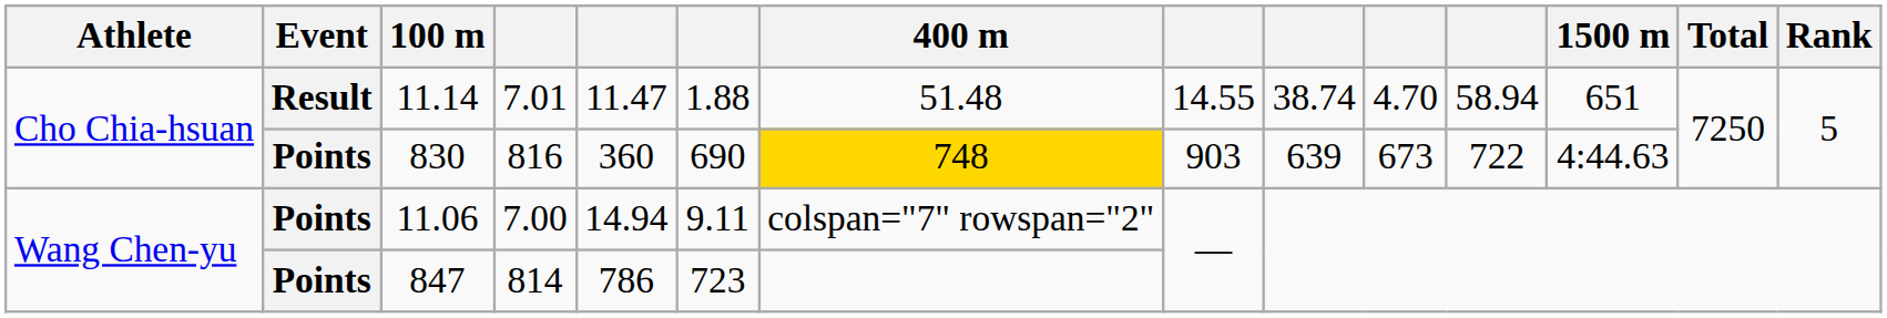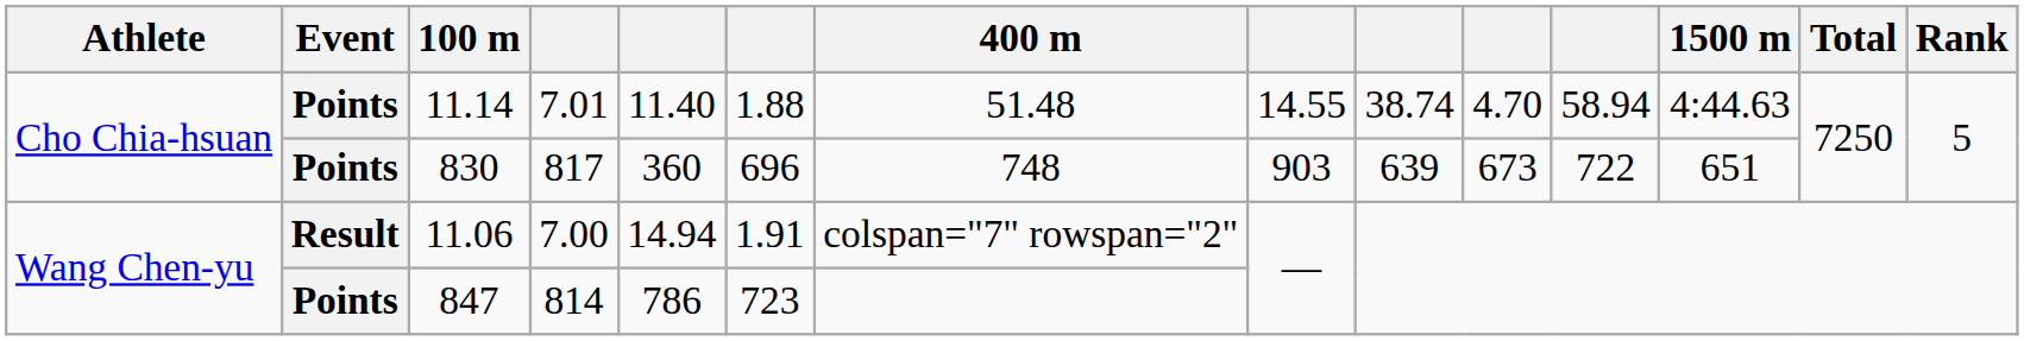 <table class="wikitable" style="font-size:90%; text-align:center">
 <tr>
 <th>Athlete</th>
 <th>Event</th>
 <th>100 m</th>
 <th></th>
 <th></th>
 <th></th>
 <th>400 m</th>
 <th></th>
 <th></th>
 <th></th>
 <th></th>
 <th>1500 m</th>
 <th>Total</th>
 <th>Rank</th>
 </tr>
 <tr>
 <td align="left" rowspan="2"><a href='#'>Cho Chia-hsuan</a></td>
-<th>Result</th>
+<th>Points</th>
 <td>11.14</td>
 <td>7.01</td>
-<td>11.47</td>
+<td>11.40</td>
 <td>1.88</td>
 <td>51.48</td>
 <td>14.55</td>
 <td>38.74</td>
 <td>4.70</td>
 <td>58.94</td>
-<td>651</td>
+<td>4:44.63</td>
 <td rowspan="2">7250</td>
 <td rowspan="2">5</td>
 </tr>
 <tr>
 <th>Points</th>
 <td>830</td>
-<td>816</td>
+<td>817</td>
 <td>360</td>
-<td>690</td>
-<td style="background: gold;">748</td>
+<td>696</td>
+<td>748</td>
 <td>903</td>
 <td>639</td>
 <td>673</td>
 <td>722</td>
-<td>4:44.63</td>
+<td>651</td>
 </tr>
 <tr>
 <td align="left" rowspan="2"><a href='#'>Wang Chen-yu</a></td>
-<th>Points</th>
+<th>Result</th>
 <td>11.06</td>
 <td>7.00</td>
 <td>14.94</td>
-<td>9.11</td>
+<td>1.91</td>
 <td>colspan="7" rowspan="2" </td>
 <td rowspan="2">—</td>
 </tr>
 <tr>
 <th>Points</th>
 <td>847</td>
 <td>814</td>
 <td>786</td>
 <td>723</td>
 </tr>
 </table>
